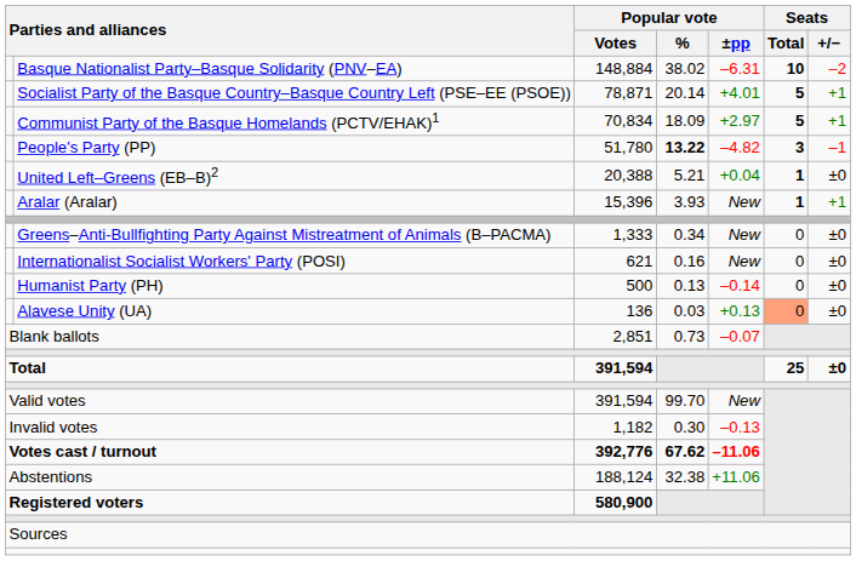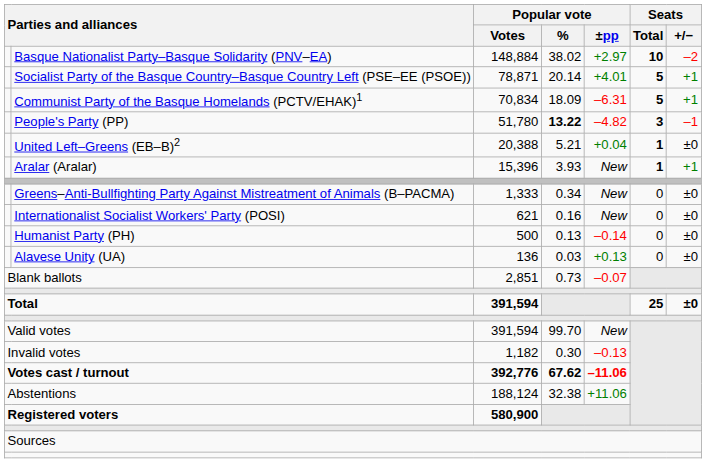 <table class="wikitable" style="text-align:right;">
 <tr>
 <th style="text-align:left;" rowspan="2" colspan="2" width="525">Parties and alliances</th>
 <th colspan="3">Popular vote</th>
 <th colspan="2">Seats</th>
 </tr>
 <tr>
 <th width="75">Votes</th>
 <th width="45">%</th>
 <th width="45">±<a href='#'>pp</a></th>
 <th width="35">Total</th>
 <th width="35">+/−</th>
 </tr>
 <tr>
 <td width="1" style="color:inherit;background:"></td>
 <td align="left"><a href='#'>Basque Nationalist Party–Basque Solidarity</a> (<a href='#'>PNV</a>–<a href='#'>EA</a>)</td>
 <td>148,884</td>
 <td>38.02</td>
-<td style="color:red;">–6.31</td>
+<td style="color:green;">+2.97</td>
 <td><strong>10</strong></td>
 <td style="color:red;">–2</td>
 </tr>
 <tr>
 <td style="color:inherit;background:"></td>
 <td align="left"><a href='#'>Socialist Party of the Basque Country–Basque Country Left</a> (PSE–EE (PSOE))</td>
 <td>78,871</td>
 <td>20.14</td>
 <td style="color:green;">+4.01</td>
 <td><strong>5</strong></td>
 <td style="color:green;">+1</td>
 </tr>
 <tr>
 <td style="color:inherit;background:"></td>
 <td align="left"><a href='#'>Communist Party of the Basque Homelands</a> (PCTV/EHAK)<sup>1</sup></td>
 <td>70,834</td>
 <td>18.09</td>
-<td style="color:green;">+2.97</td>
+<td style="color:red;">–6.31</td>
 <td><strong>5</strong></td>
 <td style="color:green;">+1</td>
 </tr>
 <tr>
 <td style="color:inherit;background:"></td>
 <td align="left"><a href='#'>People's Party</a> (PP)</td>
 <td>51,780</td>
 <td><strong>13.22</strong></td>
 <td style="color:red;">–4.82</td>
 <td><strong>3</strong></td>
 <td style="color:red;">–1</td>
 </tr>
 <tr>
 <td style="color:inherit;background:"></td>
 <td align="left"><a href='#'>United Left–Greens</a> (EB–B)<sup>2</sup></td>
 <td>20,388</td>
 <td>5.21</td>
 <td style="color:green;">+0.04</td>
 <td><strong>1</strong></td>
 <td>±0</td>
 </tr>
 <tr>
 <td style="color:inherit;background:"></td>
 <td align="left"><a href='#'>Aralar</a> (Aralar)</td>
 <td>15,396</td>
 <td>3.93</td>
 <td><em>New</em></td>
 <td><strong>1</strong></td>
 <td style="color:green;">+1</td>
 </tr>
 <tr>
 <td colspan="7" bgcolor="#C0C0C0"></td>
 </tr>
 <tr>
 <td style="color:inherit;background:"></td>
 <td align="left"><a href='#'>Greens</a>–<a href='#'>Anti-Bullfighting Party Against Mistreatment of Animals</a> (B–PACMA)</td>
 <td>1,333</td>
 <td>0.34</td>
 <td><em>New</em></td>
 <td>0</td>
 <td>±0</td>
 </tr>
 <tr>
 <td style="color:inherit;background:"></td>
 <td align="left"><a href='#'>Internationalist Socialist Workers' Party</a> (POSI)</td>
 <td>621</td>
 <td>0.16</td>
 <td><em>New</em></td>
 <td>0</td>
 <td>±0</td>
 </tr>
 <tr>
 <td style="color:inherit;background:"></td>
 <td align="left"><a href='#'>Humanist Party</a> (PH)</td>
 <td>500</td>
 <td>0.13</td>
 <td style="color:red;">–0.14</td>
 <td>0</td>
 <td>±0</td>
 </tr>
 <tr>
 <td style="color:inherit;background:"></td>
 <td align="left"><a href='#'>Alavese Unity</a> (UA)</td>
 <td>136</td>
 <td>0.03</td>
 <td style="color:green;">+0.13</td>
-<td style="background: lightsalmon;">0</td>
+<td>0</td>
 <td>±0</td>
 </tr>
 <tr>
 <td align="left" colspan="2">Blank ballots</td>
 <td>2,851</td>
 <td>0.73</td>
 <td style="color:red;">–0.07</td>
 <td bgcolor="#E9E9E9" colspan="2"></td>
 </tr>
 <tr>
 <td colspan="7" bgcolor="#E9E9E9"></td>
 </tr>
 <tr style="font-weight:bold;">
 <td align="left" colspan="2">Total</td>
 <td>391,594</td>
 <td bgcolor="#E9E9E9" colspan="2"></td>
 <td>25</td>
 <td>±0</td>
 </tr>
 <tr>
 <td colspan="7" bgcolor="#E9E9E9"></td>
 </tr>
 <tr>
 <td align="left" colspan="2">Valid votes</td>
 <td>391,594</td>
 <td>99.70</td>
 <td><em>New</em></td>
 <td bgcolor="#E9E9E9" colspan="2" rowspan="5"></td>
 </tr>
 <tr>
 <td align="left" colspan="2">Invalid votes</td>
 <td>1,182</td>
 <td>0.30</td>
 <td style="color:red;">–0.13</td>
 </tr>
 <tr style="font-weight:bold;">
 <td align="left" colspan="2">Votes cast / turnout</td>
 <td>392,776</td>
 <td>67.62</td>
 <td style="color:red;">–11.06</td>
 </tr>
 <tr>
 <td align="left" colspan="2">Abstentions</td>
 <td>188,124</td>
 <td>32.38</td>
 <td style="color:green;">+11.06</td>
 </tr>
 <tr style="font-weight:bold;">
 <td align="left" colspan="2">Registered voters</td>
 <td>580,900</td>
 <td bgcolor="#E9E9E9" colspan="2"></td>
 </tr>
 <tr>
 <td colspan="7" bgcolor="#E9E9E9"></td>
 </tr>
 <tr>
 <td align="left" colspan="7">Sources</td>
 </tr>
 <tr>
 <td colspan="7" style="text-align:left; max-width:790px;"></td>
 </tr>
 </table>
